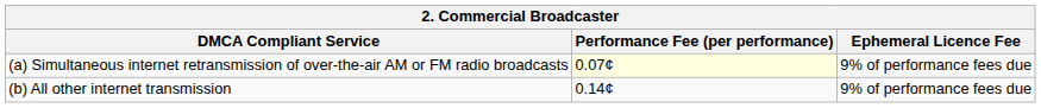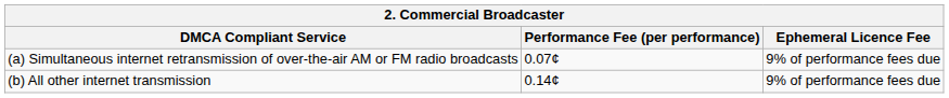 <table class="wikitable">
 <tr>
 <th colspan="3">2.  <strong>Commercial Broadcaster</strong></th>
 </tr>
 <tr>
 <th>DMCA Compliant Service</th>
 <th>Performance Fee (per performance)</th>
 <th>Ephemeral Licence Fee</th>
 </tr>
 <tr>
 <td>(a) Simultaneous internet retransmission of over-the-air AM or FM radio broadcasts</td>
-<td style="background: lightyellow;">0.07¢</td>
+<td>0.07¢</td>
 <td>9% of performance fees due</td>
 </tr>
 <tr>
 <td>(b) All other internet transmission</td>
 <td>0.14¢</td>
 <td>9% of performance fees due</td>
 </tr>
 </table>
